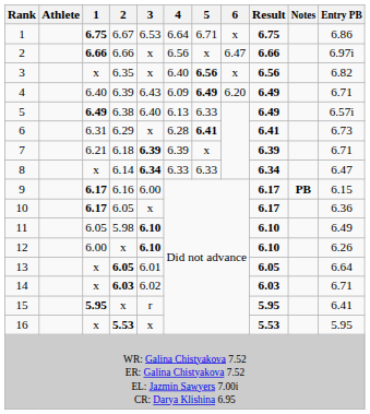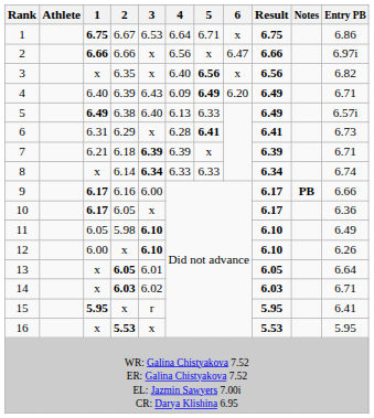 <table class="wikitable sortable" style="text-align:center;">
 <tr>
 <th>Rank</th>
 <th>Athlete</th>
 <th>1</th>
 <th>2</th>
 <th>3</th>
 <th>4</th>
 <th>5</th>
 <th>6</th>
 <th>Result</th>
 <th><small>Notes</small></th>
 <th><small>Entry PB</small></th>
 </tr>
 <tr>
 <td>1</td>
 <td align=left></td>
 <td><strong>6.75</strong></td>
 <td>6.67</td>
 <td>6.53</td>
 <td>6.64</td>
 <td>6.71</td>
 <td>x</td>
 <td><strong>6.75</strong></td>
 <td></td>
 <td>6.86</td>
 </tr>
 <tr>
 <td>2</td>
 <td align=left></td>
 <td><strong>6.66</strong></td>
 <td>6.66</td>
 <td>x</td>
 <td>6.56</td>
 <td>x</td>
 <td>6.47</td>
 <td><strong>6.66</strong></td>
 <td></td>
 <td>6.97i</td>
 </tr>
 <tr>
 <td>3</td>
 <td align=left></td>
 <td>x</td>
 <td>6.35</td>
 <td>x</td>
 <td>6.40</td>
 <td><strong>6.56</strong></td>
 <td>x</td>
 <td><strong>6.56</strong></td>
 <td></td>
 <td>6.82</td>
 </tr>
 <tr>
 <td>4</td>
 <td align=left></td>
 <td>6.40</td>
 <td>6.39</td>
 <td>6.43</td>
 <td>6.09</td>
 <td><strong>6.49</strong></td>
 <td>6.20</td>
 <td><strong>6.49</strong></td>
 <td></td>
 <td>6.71</td>
 </tr>
 <tr>
 <td>5</td>
 <td align=left></td>
 <td><strong>6.49</strong></td>
 <td>6.38</td>
 <td>6.40</td>
 <td>6.13</td>
 <td>6.33</td>
 <td rowspan=4></td>
 <td><strong>6.49</strong></td>
 <td></td>
 <td>6.57i</td>
 </tr>
 <tr>
 <td>6</td>
 <td align=left></td>
 <td>6.31</td>
 <td>6.29</td>
 <td>x</td>
 <td>6.28</td>
 <td><strong>6.41</strong></td>
 <td><strong>6.41</strong></td>
 <td></td>
 <td>6.73</td>
 </tr>
 <tr>
 <td>7</td>
 <td align=left></td>
 <td>6.21</td>
 <td>6.18</td>
 <td><strong>6.39</strong></td>
 <td>6.39</td>
 <td>x</td>
 <td><strong>6.39</strong></td>
 <td></td>
 <td>6.71</td>
 </tr>
 <tr>
 <td>8</td>
 <td align=left></td>
 <td>x</td>
 <td>6.14</td>
 <td><strong>6.34</strong></td>
 <td>6.33</td>
 <td>6.33</td>
 <td><strong>6.34</strong></td>
 <td></td>
-<td>6.47</td>
+<td>6.74</td>
 </tr>
 <tr>
 <td>9</td>
 <td align=left></td>
 <td><strong>6.17</strong></td>
 <td>6.16</td>
 <td>6.00</td>
 <td rowspan=8 colspan=3>Did not advance</td>
 <td><strong>6.17</strong></td>
 <td><strong>PB</strong></td>
-<td>6.15</td>
+<td>6.66</td>
 </tr>
 <tr>
 <td>10</td>
 <td align=left></td>
 <td><strong>6.17</strong></td>
 <td>6.05</td>
 <td>x</td>
 <td><strong>6.17</strong></td>
 <td></td>
 <td>6.36</td>
 </tr>
 <tr>
 <td>11</td>
 <td align=left></td>
 <td>6.05</td>
 <td>5.98</td>
 <td><strong>6.10</strong></td>
 <td><strong>6.10</strong></td>
 <td></td>
 <td>6.49</td>
 </tr>
 <tr>
 <td>12</td>
 <td align=left></td>
 <td>6.00</td>
 <td>x</td>
 <td><strong>6.10</strong></td>
 <td><strong>6.10</strong></td>
 <td></td>
 <td>6.26</td>
 </tr>
 <tr>
 <td>13</td>
 <td align=left></td>
 <td>x</td>
 <td><strong>6.05</strong></td>
 <td>6.01</td>
 <td><strong>6.05</strong></td>
 <td></td>
 <td>6.64</td>
 </tr>
 <tr>
 <td>14</td>
 <td align=left></td>
 <td>x</td>
 <td><strong>6.03</strong></td>
 <td>6.02</td>
 <td><strong>6.03</strong></td>
 <td></td>
 <td>6.71</td>
 </tr>
 <tr>
 <td>15</td>
 <td align=left></td>
 <td><strong>5.95</strong></td>
 <td>x</td>
 <td>r</td>
 <td><strong>5.95</strong></td>
 <td></td>
 <td>6.41</td>
 </tr>
 <tr>
 <td>16</td>
 <td align=left></td>
 <td>x</td>
 <td><strong>5.53</strong></td>
 <td>x</td>
 <td><strong>5.53</strong></td>
 <td></td>
 <td>5.95</td>
 </tr>
 <tr>
 <td colspan="11" bgcolor="#cccccc"><br> <small>WR:  <a href='#'>Galina Chistyakova</a> 7.52<br>ER:  <a href='#'>Galina Chistyakova</a> 7.52<br></small> <small>EL:   <a href='#'>Jazmin Sawyers</a> 7.00i<br>CR:  <a href='#'>Darya Klishina</a> 6.95</small></td>
 </tr>
 </table>
